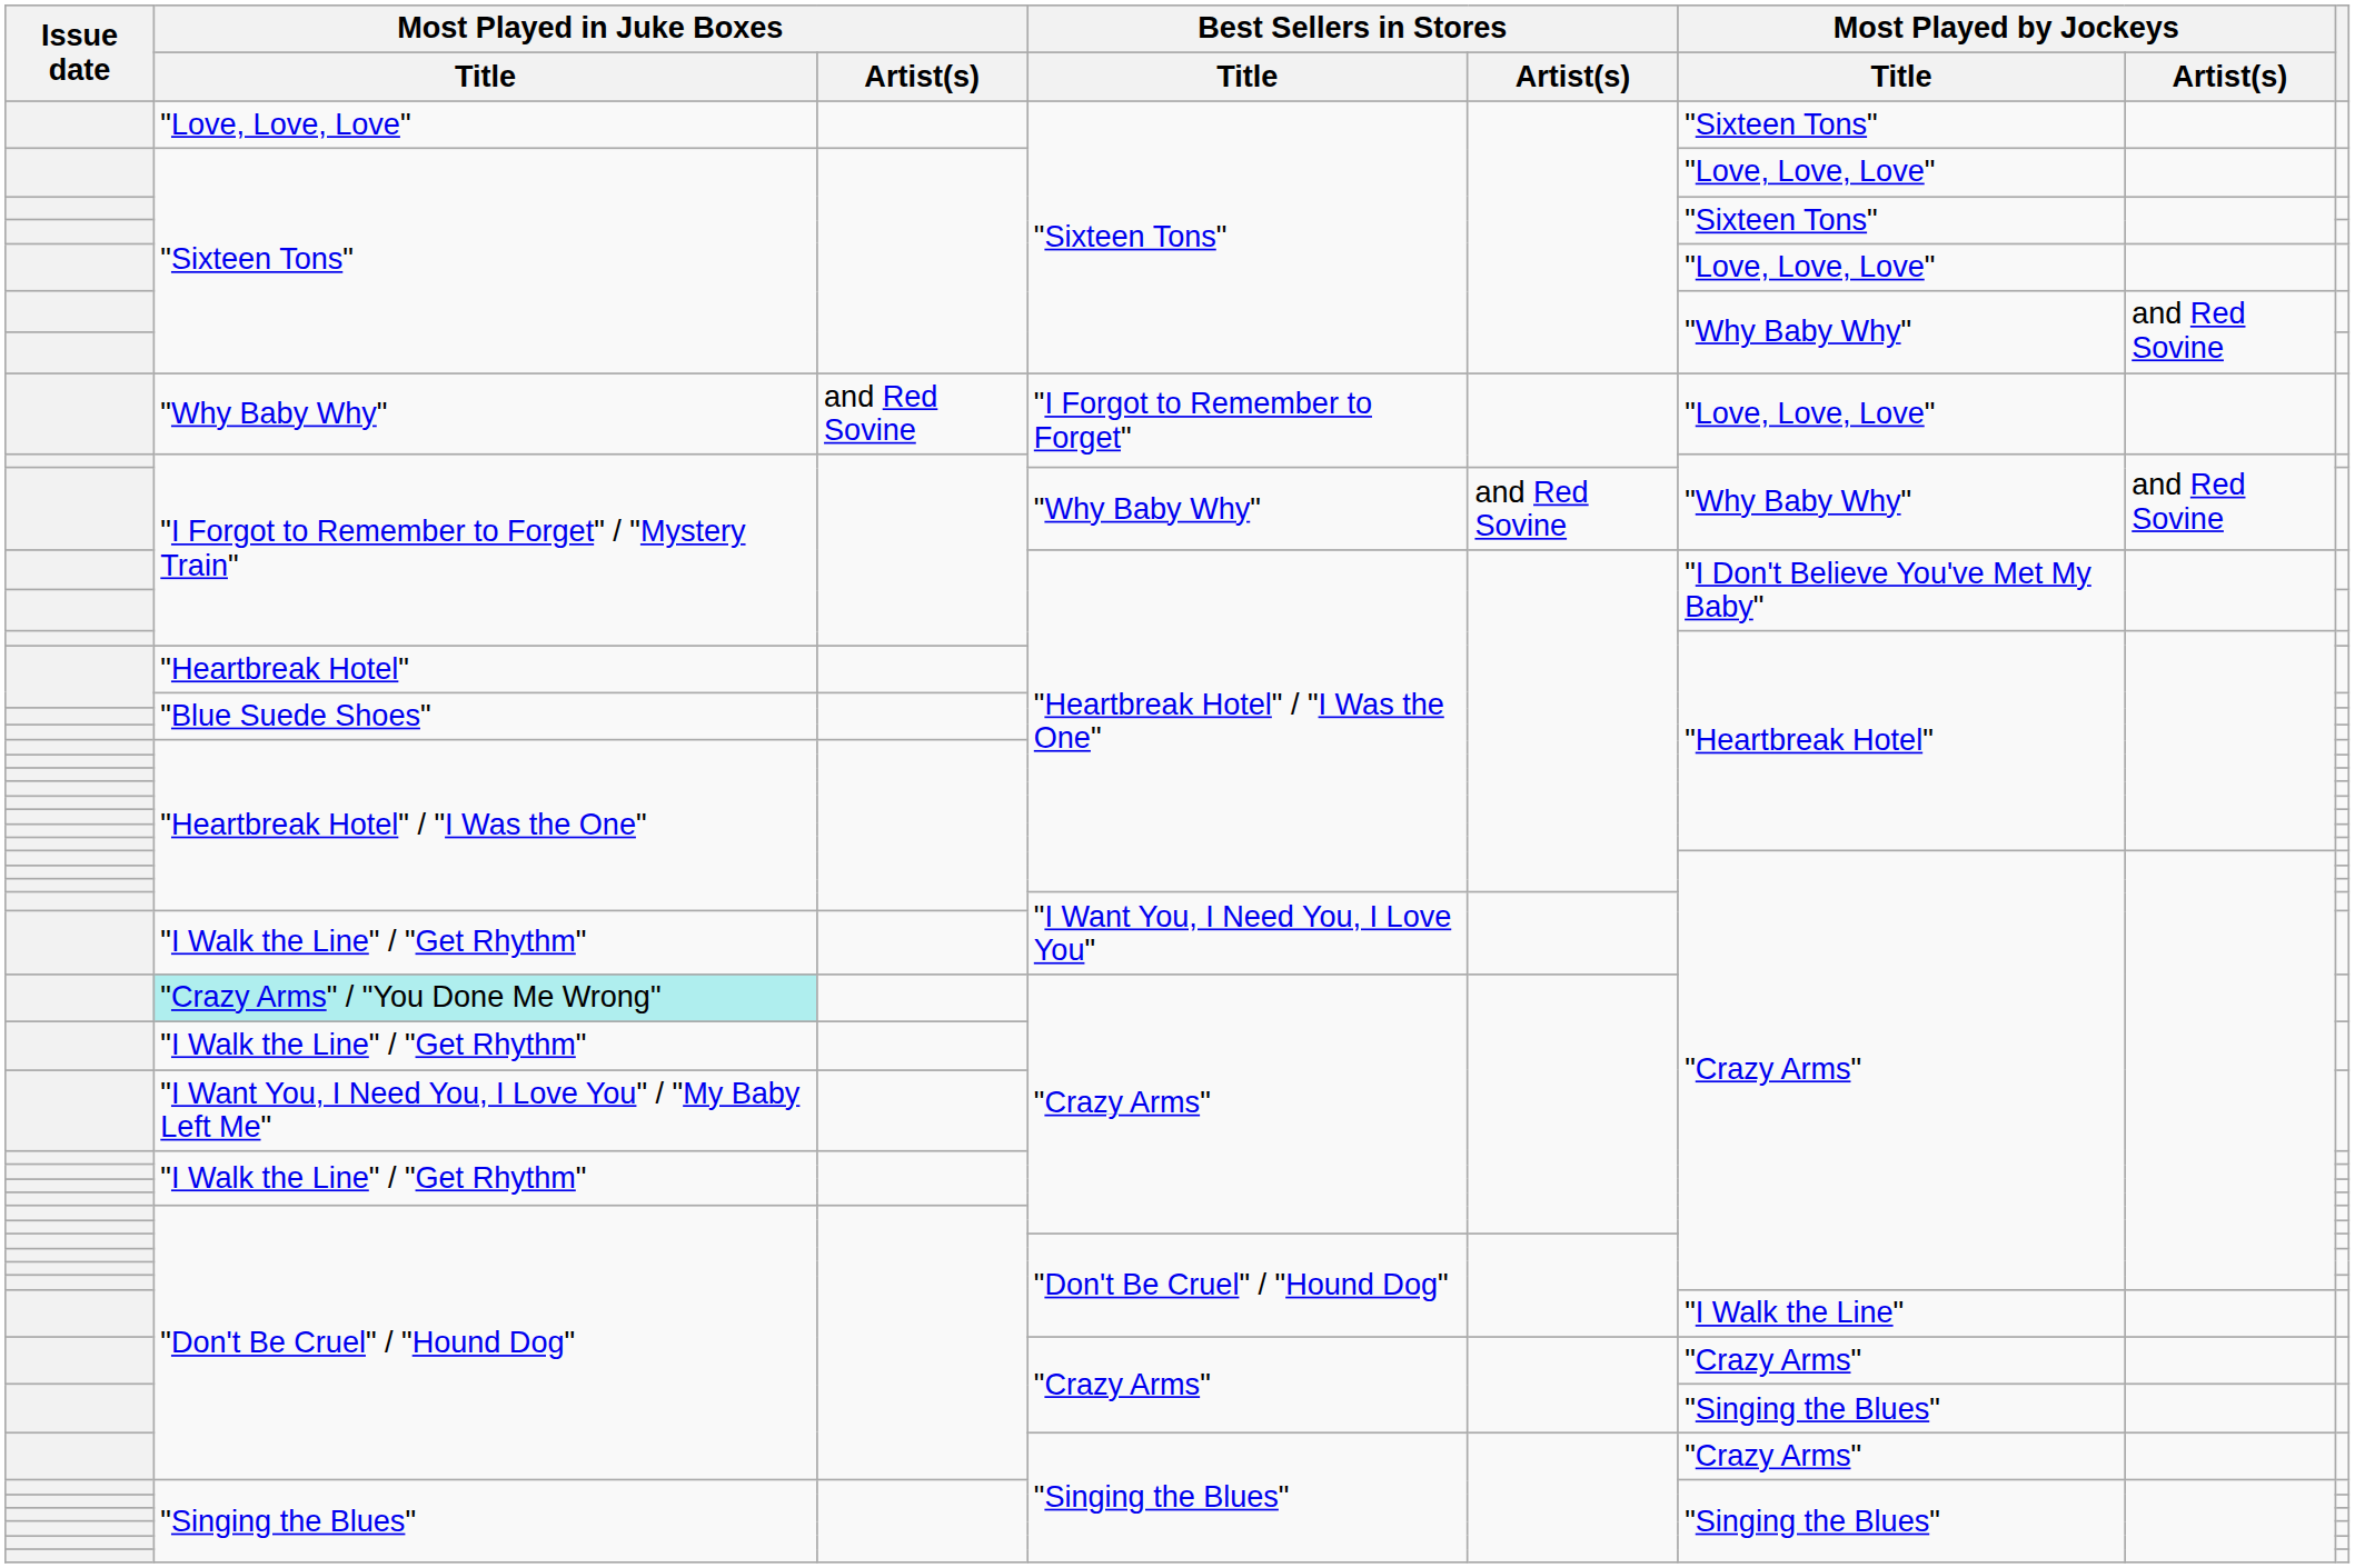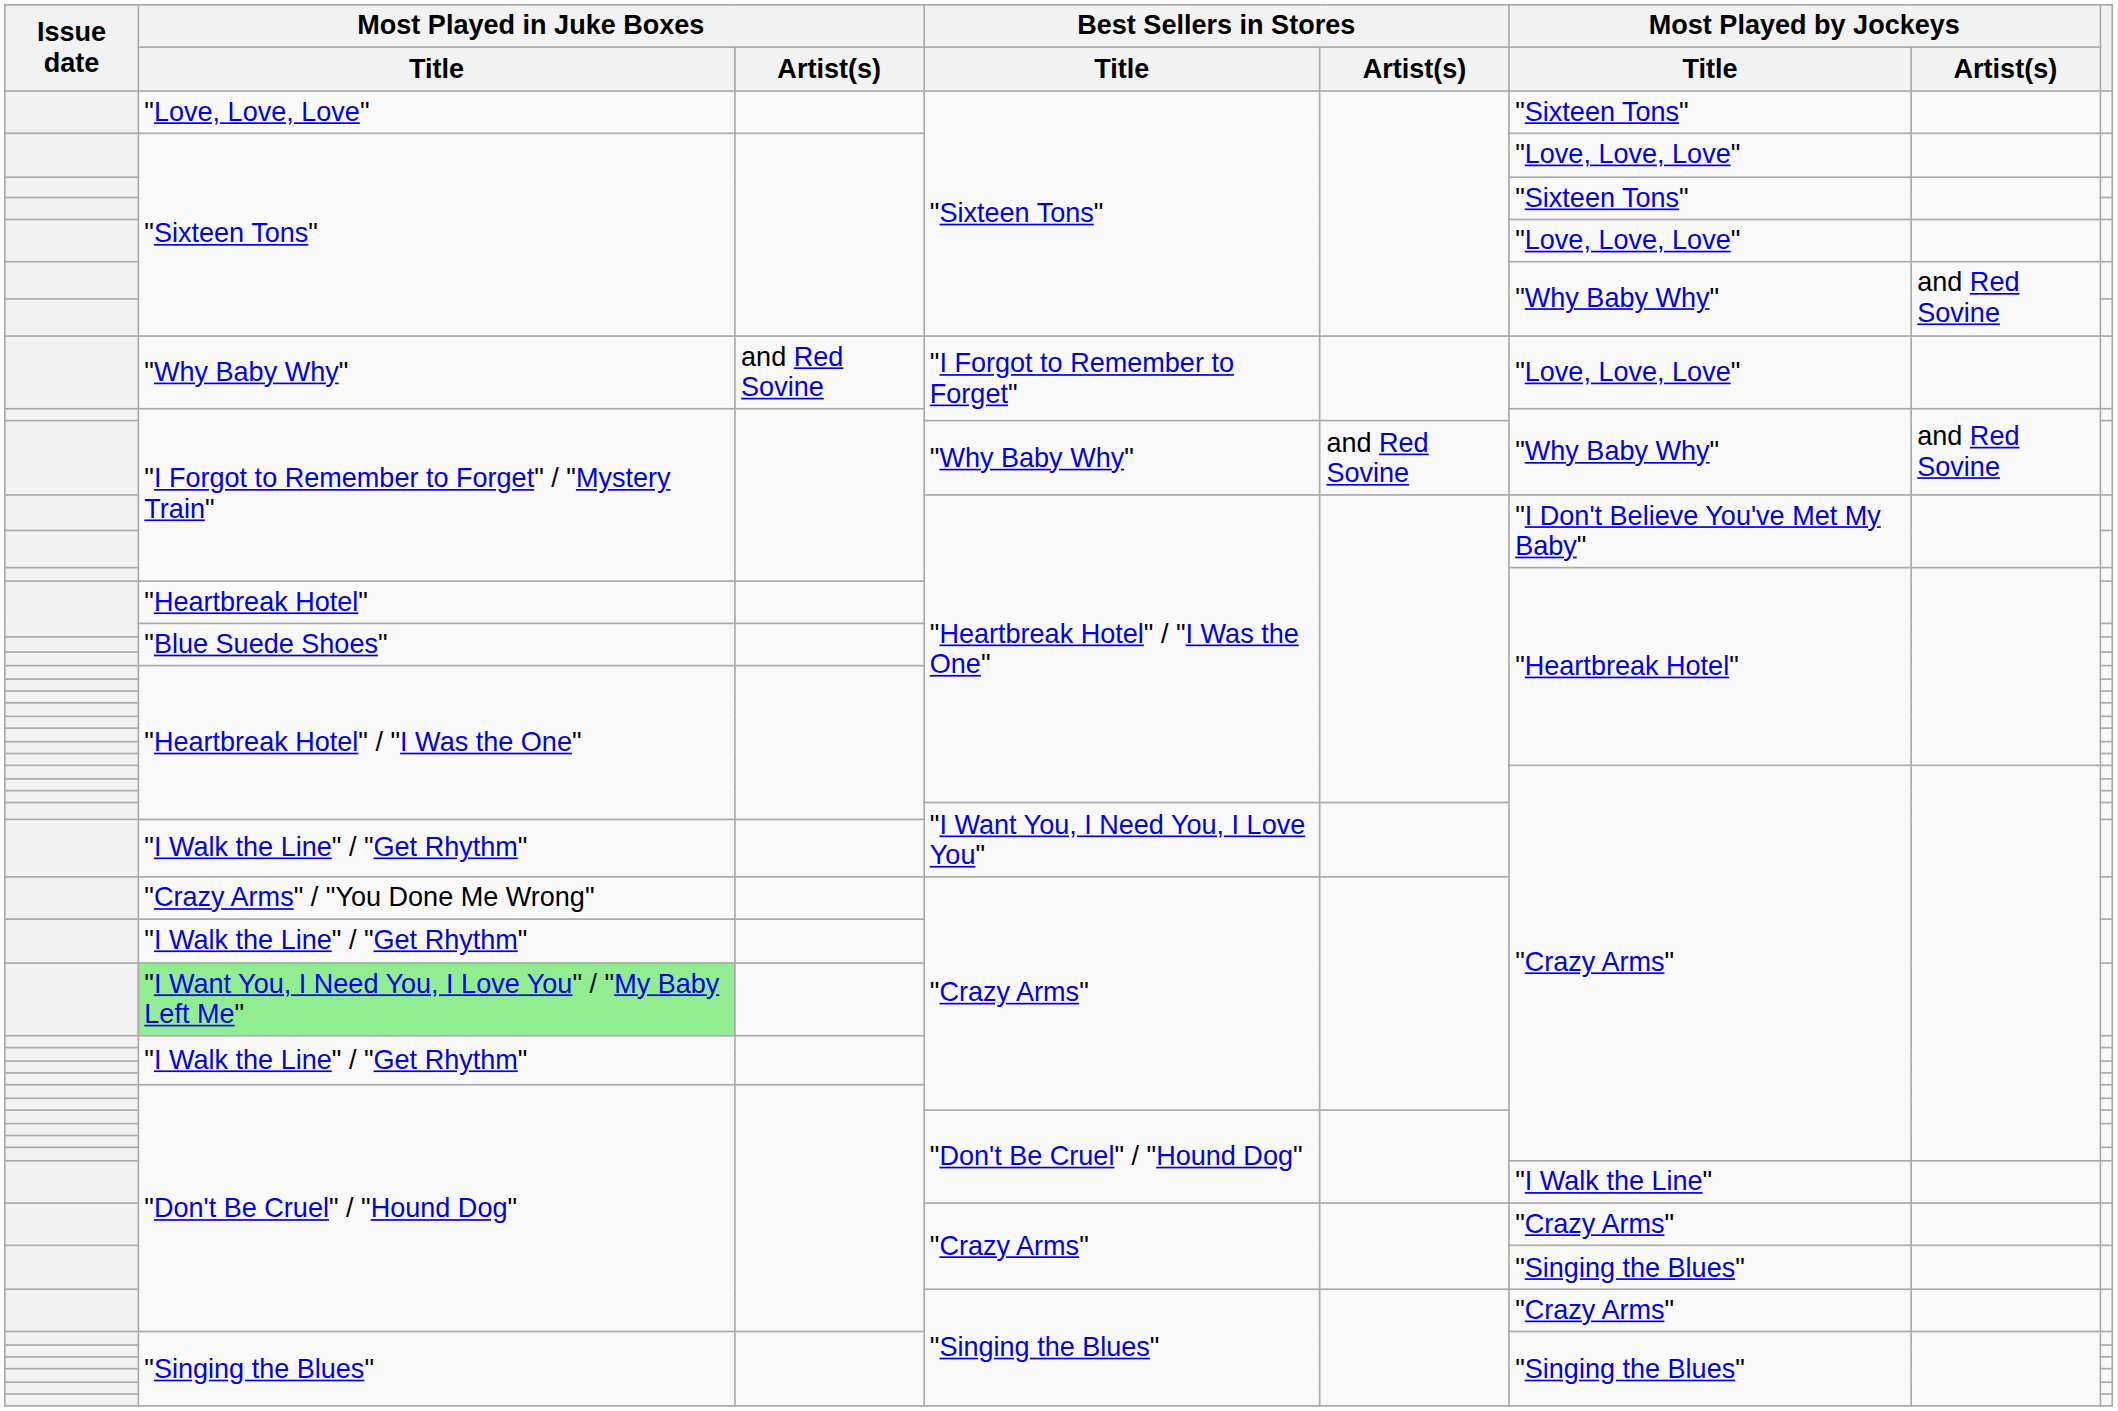 <table class="wikitable sortable plainrowheaders">
 <tr>
 <th scope=col rowspan=2>Issue date</th>
 <th scope=col colspan=2>Most Played in Juke Boxes</th>
 <th scope=col colspan=2>Best Sellers in Stores</th>
 <th scope=col colspan=2>Most Played by Jockeys</th>
 <th scope=col rowspan=2 class=unsortable></th>
 </tr>
 <tr>
 <th scope=col>Title</th>
 <th scope=col>Artist(s)</th>
 <th scope=col>Title</th>
 <th scope=col>Artist(s)</th>
 <th scope=col>Title</th>
 <th scope=col>Artist(s)</th>
 </tr>
 <tr>
 <th scope=row></th>
 <td>"<a href='#'>Love, Love, Love</a>"</td>
 <td></td>
 <td rowspan="7">"<a href='#'>Sixteen Tons</a>"</td>
 <td rowspan="7"></td>
 <td rowspan="1">"<a href='#'>Sixteen Tons</a>"</td>
 <td rowspan="1"></td>
 <td align=center></td>
 </tr>
 <tr>
 <th scope=row></th>
 <td rowspan=6>"<a href='#'>Sixteen Tons</a>"</td>
 <td rowspan=6></td>
 <td>"<a href='#'>Love, Love, Love</a>"</td>
 <td></td>
 <td align=center></td>
 </tr>
 <tr>
 <th scope=row></th>
 <td rowspan="2">"<a href='#'>Sixteen Tons</a>"</td>
 <td rowspan="2"></td>
 <td align=center></td>
 </tr>
 <tr>
 <th scope=row></th>
 <td align=center></td>
 </tr>
 <tr>
 <th scope=row></th>
 <td>"<a href='#'>Love, Love, Love</a>"</td>
 <td></td>
 <td align=center></td>
 </tr>
 <tr>
 <th scope=row></th>
 <td rowspan="2">"<a href='#'>Why Baby Why</a>"</td>
 <td rowspan="2"> and <a href='#'>Red Sovine</a></td>
 <td align=center></td>
 </tr>
 <tr>
 <th scope=row></th>
 <td align=center></td>
 </tr>
 <tr>
 <th scope=row></th>
 <td rowspan="1">"<a href='#'>Why Baby Why</a>"</td>
 <td rowspan="1"> and <a href='#'>Red Sovine</a></td>
 <td rowspan="2">"<a href='#'>I Forgot to Remember to Forget</a>"</td>
 <td rowspan="2"></td>
 <td>"<a href='#'>Love, Love, Love</a>"</td>
 <td></td>
 <td align=center></td>
 </tr>
 <tr>
 <th scope=row></th>
 <td rowspan=5>"<a href='#'>I Forgot to Remember to Forget</a>" / "<a href='#'>Mystery Train</a>"</td>
 <td rowspan=5></td>
 <td rowspan="2">"<a href='#'>Why Baby Why</a>"</td>
 <td rowspan="2"> and <a href='#'>Red Sovine</a></td>
 <td align=center></td>
 </tr>
 <tr>
 <th scope=row></th>
 <td rowspan="1">"<a href='#'>Why Baby Why</a>"</td>
 <td rowspan="1"> and <a href='#'>Red Sovine</a></td>
 <td align=center></td>
 </tr>
 <tr>
 <th scope=row></th>
 <td rowspan="18">"<a href='#'>Heartbreak Hotel</a>" / "<a href='#'>I Was the One</a>"</td>
 <td rowspan="18"></td>
 <td rowspan="2">"<a href='#'>I Don't Believe You've Met My Baby</a>"</td>
 <td rowspan="2"></td>
 <td align=center></td>
 </tr>
 <tr>
 <th scope=row></th>
 <td align=center></td>
 </tr>
 <tr>
 <th scope=row></th>
 <td rowspan=13>"<a href='#'>Heartbreak Hotel</a>"</td>
 <td rowspan=13></td>
 <td align=center></td>
 </tr>
 <tr>
 <th scope=row rowspan=2></th>
 <td>"<a href='#'>Heartbreak Hotel</a>"</td>
 <td></td>
 <td align=center></td>
 </tr>
 <tr>
 <td rowspan=3>"<a href='#'>Blue Suede Shoes</a>"</td>
 <td rowspan=3></td>
 <td align=center></td>
 </tr>
 <tr>
 <th scope=row></th>
 <td align=center></td>
 </tr>
 <tr>
 <th scope=row></th>
 <td align=center></td>
 </tr>
 <tr>
 <th scope=row></th>
 <td rowspan=12>"<a href='#'>Heartbreak Hotel</a>" / "<a href='#'>I Was the One</a>"</td>
 <td rowspan=12></td>
 <td align=center></td>
 </tr>
 <tr>
 <th scope=row></th>
 <td align=center></td>
 </tr>
 <tr>
 <th scope=row></th>
 <td align=center></td>
 </tr>
 <tr>
 <th scope=row></th>
 <td align=center></td>
 </tr>
 <tr>
 <th scope=row></th>
 <td align=center></td>
 </tr>
 <tr>
 <th scope=row></th>
 <td align=center></td>
 </tr>
 <tr>
 <th scope=row></th>
 <td align=center></td>
 </tr>
 <tr>
 <th scope=row></th>
 <td align=center></td>
 </tr>
 <tr>
 <th scope=row></th>
 <td rowspan=18>"<a href='#'>Crazy Arms</a>"</td>
 <td rowspan=18></td>
 <td align=center></td>
 </tr>
 <tr>
 <th scope=row></th>
 <td align=center></td>
 </tr>
 <tr>
 <th scope=row></th>
 <td align=center></td>
 </tr>
 <tr>
 <th scope=row></th>
 <td rowspan="2">"<a href='#'>I Want You, I Need You, I Love You</a>"</td>
 <td rowspan="2"></td>
 <td align=center></td>
 </tr>
 <tr>
 <th scope=row></th>
 <td rowspan=1>"<a href='#'>I Walk the Line</a>" / "<a href='#'>Get Rhythm</a>"</td>
 <td rowspan=1></td>
 <td align=center></td>
 </tr>
 <tr>
 <th scope=row></th>
-<td style="background: paleturquoise;">"<a href='#'>Crazy Arms</a>" / "You Done Me Wrong"</td>
+<td>"<a href='#'>Crazy Arms</a>" / "You Done Me Wrong"</td>
 <td></td>
 <td rowspan="9">"<a href='#'>Crazy Arms</a>"</td>
 <td rowspan="9"></td>
 <td align=center></td>
 </tr>
 <tr>
 <th scope=row></th>
 <td rowspan=1>"<a href='#'>I Walk the Line</a>" / "<a href='#'>Get Rhythm</a>"</td>
 <td rowspan=1></td>
 <td align=center></td>
 </tr>
 <tr>
 <th scope=row></th>
-<td rowspan="1">"<a href='#'>I Want You, I Need You, I Love You</a>" / "<a href='#'>My Baby Left Me</a>"</td>
+<td rowspan="1" style="background: lightgreen;">"<a href='#'>I Want You, I Need You, I Love You</a>" / "<a href='#'>My Baby Left Me</a>"</td>
 <td rowspan="1"></td>
 <td align=center></td>
 </tr>
 <tr>
 <th scope=row></th>
 <td rowspan=4>"<a href='#'>I Walk the Line</a>" / "<a href='#'>Get Rhythm</a>"</td>
 <td rowspan=4></td>
 <td align=center></td>
 </tr>
 <tr>
 <th scope=row></th>
 <td align=center></td>
 </tr>
 <tr>
 <th scope=row></th>
 <td align=center></td>
 </tr>
 <tr>
 <th scope=row></th>
 <td align=center></td>
 </tr>
 <tr>
 <th scope=row></th>
 <td rowspan=10>"<a href='#'>Don't Be Cruel</a>" / "<a href='#'>Hound Dog</a>"</td>
 <td rowspan=10></td>
 <td align=center></td>
 </tr>
 <tr>
 <th scope=row></th>
 <td align=center></td>
 </tr>
 <tr>
 <th scope=row></th>
 <td rowspan="5">"<a href='#'>Don't Be Cruel</a>" / "<a href='#'>Hound Dog</a>"</td>
 <td rowspan="5"></td>
 <td align=center></td>
 </tr>
 <tr>
 <th scope=row></th>
 <td align=center rowspan=2></td>
 </tr>
 <tr>
 <th scope=row></th>
 </tr>
 <tr>
 <th scope=row></th>
 <td align=center></td>
 </tr>
 <tr>
 <th scope=row></th>
 <td>"<a href='#'>I Walk the Line</a>"</td>
 <td></td>
 <td align=center></td>
 </tr>
 <tr>
 <th scope=row></th>
 <td rowspan="2">"<a href='#'>Crazy Arms</a>"</td>
 <td rowspan="2"></td>
 <td>"<a href='#'>Crazy Arms</a>"</td>
 <td rowspan=1></td>
 <td align=center></td>
 </tr>
 <tr>
 <th scope=row></th>
 <td rowspan="1">"<a href='#'>Singing the Blues</a>"</td>
 <td rowspan="1"></td>
 <td align=center></td>
 </tr>
 <tr>
 <th scope=row></th>
 <td rowspan="7">"<a href='#'>Singing the Blues</a>"</td>
 <td rowspan="7"></td>
 <td>"<a href='#'>Crazy Arms</a>"</td>
 <td rowspan=1></td>
 <td align=center></td>
 </tr>
 <tr>
 <th scope=row></th>
 <td rowspan="6">"<a href='#'>Singing the Blues</a>"</td>
 <td rowspan="6"></td>
 <td rowspan="6">"<a href='#'>Singing the Blues</a>"</td>
 <td rowspan="6"></td>
 <td align=center></td>
 </tr>
 <tr>
 <th scope=row></th>
 <td align=center></td>
 </tr>
 <tr>
 <th scope=row></th>
 <td align=center></td>
 </tr>
 <tr>
 <th scope=row></th>
 <td align=center></td>
 </tr>
 <tr>
 <th scope=row></th>
 <td align=center></td>
 </tr>
 <tr>
 <th scope=row></th>
 <td align=center></td>
 </tr>
 </table>
